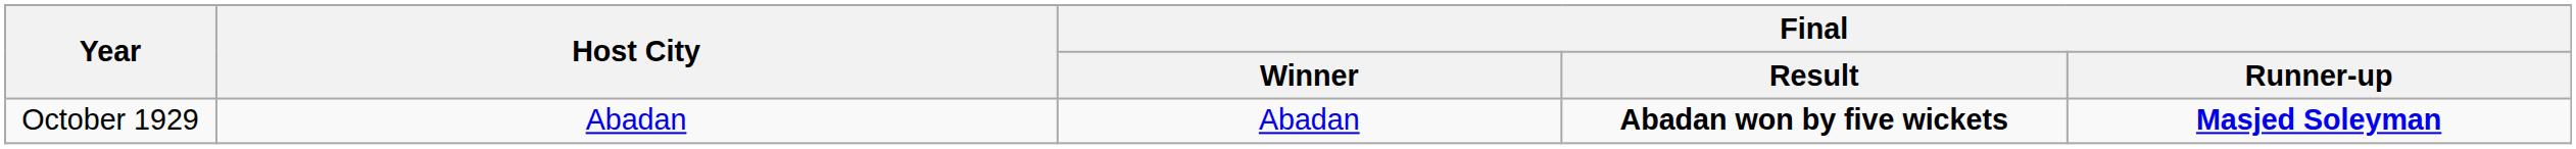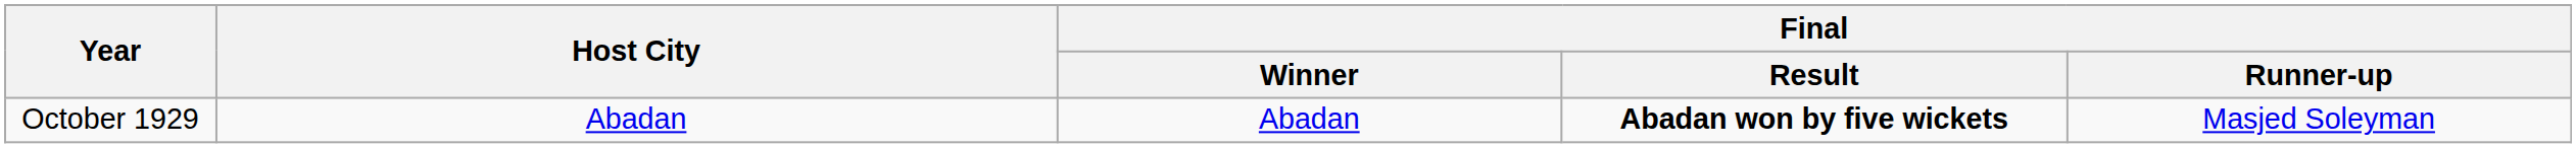 <table class="wikitable" style="font-size:90%; width: 100%; text-align: center;">
 <tr>
 <th rowspan="2" style="width:5%;">Year</th>
 <th rowspan="2" style="width:20%;">Host City</th>
 <th colspan=3>Final</th>
 </tr>
 <tr>
 <th width=12%>Winner</th>
 <th width=12%>Result</th>
 <th width=12%>Runner-up</th>
 </tr>
 <tr>
 <td>October 1929</td>
 <td><a href='#'>Abadan</a></td>
 <td><a href='#'>Abadan</a><br><small></small></td>
 <td><strong>Abadan won by five wickets</strong> <br></td>
-<td><strong><a href='#'>Masjed Soleyman</a><br><small></small></strong></td>
+<td><a href='#'>Masjed Soleyman</a><br><small></small></td>
 </tr>
 </table>
